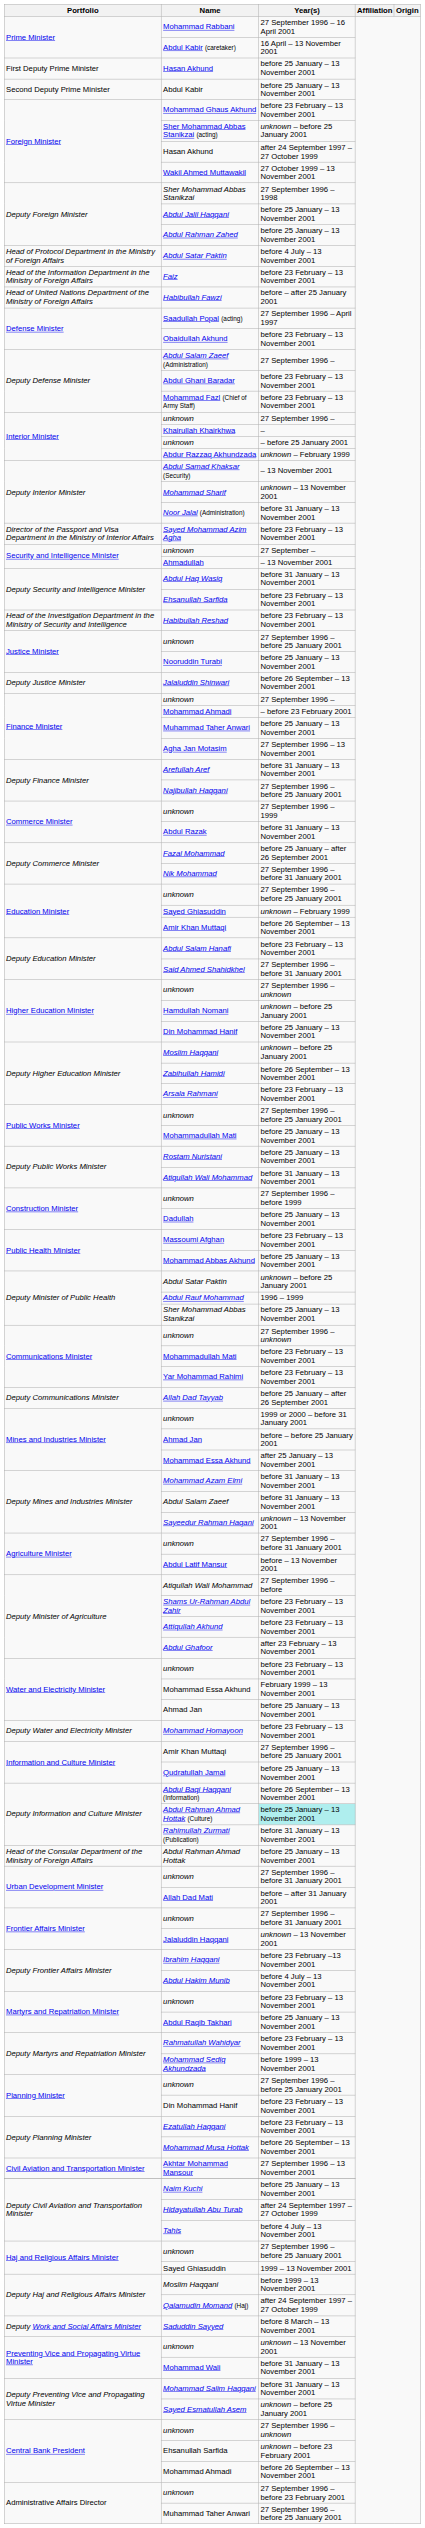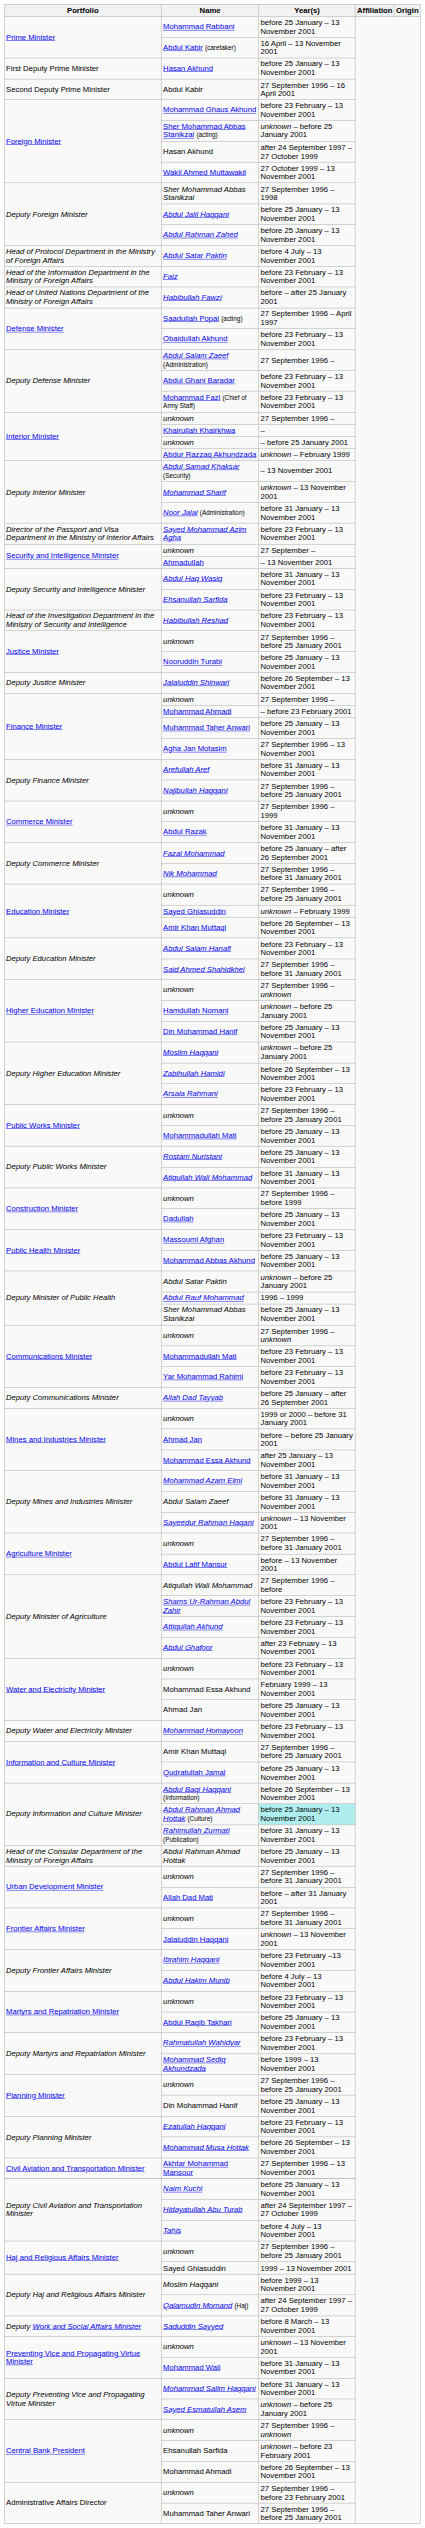 <table class="wikitable">
 <tr>
 <th>Portfolio</th>
 <th>Name</th>
 <th>Year(s)</th>
 <th>Affiliation</th>
 <th>Origin</th>
 </tr>
 <tr>
 <td rowspan="2"><a href='#'>Prime Minister</a></td>
 <td><a href='#'>Mohammad Rabbani</a></td>
-<td>27 September 1996 – 16 April 2001</td>
+<td>before 25 January – 13 November 2001</td>
 </tr>
 <tr>
 <td><a href='#'>Abdul Kabir</a> <small>(caretaker)</small></td>
 <td>16 April – 13 November 2001</td>
 </tr>
 <tr>
 <td>First Deputy Prime Minister</td>
 <td><a href='#'>Hasan Akhund</a></td>
 <td>before 25 January – 13 November 2001</td>
 </tr>
 <tr>
 <td>Second Deputy Prime Minister</td>
 <td>Abdul Kabir</td>
-<td>before 25 January – 13 November 2001</td>
+<td>27 September 1996 – 16 April 2001</td>
 </tr>
 <tr>
 <td rowspan="4"><a href='#'>Foreign Minister</a></td>
 <td><a href='#'>Mohammad Ghaus Akhund</a></td>
 <td>before 23 February – 13 November 2001</td>
 </tr>
 <tr>
 <td><a href='#'>Sher Mohammad Abbas Stanikzai</a> <small>(acting)</small></td>
 <td><em>unknown</em> – before 25 January 2001</td>
 </tr>
 <tr>
 <td>Hasan Akhund</td>
 <td>after 24 September 1997 – 27 October 1999</td>
 </tr>
 <tr>
 <td><a href='#'>Wakil Ahmed Muttawakil</a></td>
 <td>27 October 1999 – 13 November 2001</td>
 </tr>
 <tr>
 <td rowspan="3"><em>Deputy Foreign Minister</em></td>
 <td><em>Sher Mohammad Abbas Stanikzai</em></td>
 <td>27 September 1996 – 1998</td>
 </tr>
 <tr>
 <td><em><a href='#'>Abdul Jalil Haqqani</a></em></td>
 <td>before 25 January – 13 November 2001</td>
 </tr>
 <tr>
 <td><em><a href='#'>Abdul Rahman Zahed</a></em></td>
 <td>before 25 January – 13 November 2001</td>
 </tr>
 <tr>
 <td><em>Head of Protocol Department in the Ministry of Foreign Affairs</em></td>
 <td><em><a href='#'>Abdul Satar Paktin</a></em></td>
 <td>before 4 July – 13 November 2001</td>
 </tr>
 <tr>
 <td><em>Head of the Information Department in the Ministry of Foreign Affairs</em></td>
 <td><em><a href='#'>Faiz</a></em></td>
 <td>before 23 February – 13 November 2001</td>
 </tr>
 <tr>
 <td><em>Head of United Nations Department of the Ministry of Foreign Affairs</em></td>
 <td><em><a href='#'>Habibullah Fawzi</a></em></td>
 <td>before – after 25 January 2001</td>
 </tr>
 <tr>
 <td rowspan="2"><a href='#'>Defense Minister</a></td>
 <td><a href='#'>Saadullah Popal</a> <small>(acting)</small></td>
 <td>27 September 1996 – April 1997</td>
 </tr>
 <tr>
 <td><a href='#'>Obaidullah Akhund</a></td>
 <td>before 23 February – 13 November 2001</td>
 </tr>
 <tr>
 <td rowspan="3"><em>Deputy Defense Minister</em></td>
 <td><em><a href='#'>Abdul Salam Zaeef</a></em> <small>(Administration)</small></td>
 <td>27 September 1996 – </td>
 </tr>
 <tr>
 <td><a href='#'>Abdul Ghani Baradar</a></td>
 <td>before 23 February – 13 November 2001</td>
 </tr>
 <tr>
 <td><a href='#'>Mohammad Fazl</a> <small>(Chief of Army Staff)</small></td>
 <td>before 23 February – 13 November 2001</td>
 </tr>
 <tr>
 <td rowspan="4"><a href='#'>Interior Minister</a></td>
 <td><em>unknown</em></td>
 <td>27 September 1996 – </td>
 </tr>
 <tr>
 <td><a href='#'>Khairullah Khairkhwa</a></td>
 <td> – </td>
 </tr>
 <tr>
 <td><em>unknown</em></td>
 <td> – before 25 January 2001</td>
 </tr>
 <tr>
 <td><a href='#'>Abdur Razzaq Akhundzada</a></td>
 <td><em>unknown</em> – February 1999</td>
 </tr>
 <tr>
 <td rowspan="3"><em>Deputy Interior Minister</em></td>
 <td><em><a href='#'>Abdul Samad Khaksar</a></em> <small>(Security)</small></td>
 <td> – 13 November 2001</td>
 </tr>
 <tr>
 <td><em><a href='#'>Mohammad Sharif</a></em></td>
 <td><em>unknown</em> – 13 November 2001</td>
 </tr>
 <tr>
 <td><em><a href='#'>Noor Jalal</a></em> <small>(Administration)</small></td>
 <td>before 31 January – 13 November 2001</td>
 </tr>
 <tr>
 <td><em>Director of the Passport and Visa Department in the Ministry of Interior Affairs</em></td>
 <td><em><a href='#'>Sayed Mohammad Azim Agha</a></em></td>
 <td>before 23 February – 13 November 2001</td>
 </tr>
 <tr>
 <td rowspan="2"><a href='#'>Security and Intelligence Minister</a></td>
 <td><em>unknown</em></td>
 <td>27 September – </td>
 </tr>
 <tr>
 <td><a href='#'>Ahmadullah</a></td>
 <td> – 13 November 2001</td>
 </tr>
 <tr>
 <td rowspan="2"><em>Deputy Security and Intelligence Minister</em></td>
 <td><em><a href='#'>Abdul Haq Wasiq</a></em></td>
 <td>before 31 January – 13 November 2001</td>
 </tr>
 <tr>
 <td><em><a href='#'>Ehsanullah Sarfida</a></em></td>
 <td>before 23 February – 13 November 2001</td>
 </tr>
 <tr>
 <td><em>Head of the Investigation Department in the Ministry of Security and Intelligence</em></td>
 <td><em><a href='#'>Habibullah Reshad</a></em></td>
 <td>before 23 February – 13 November 2001</td>
 </tr>
 <tr>
 <td rowspan="2"><a href='#'>Justice Minister</a></td>
 <td><em>unknown</em></td>
 <td>27 September 1996 – before 25 January 2001</td>
 </tr>
 <tr>
 <td><a href='#'>Nooruddin Turabi</a></td>
 <td>before 25 January – 13 November 2001</td>
 </tr>
 <tr>
 <td><em>Deputy Justice Minister</em></td>
 <td><em><a href='#'>Jalaluddin Shinwari</a></em></td>
 <td>before 26 September – 13 November 2001</td>
 </tr>
 <tr>
 <td rowspan="4"><a href='#'>Finance Minister</a></td>
 <td><em>unknown</em></td>
 <td>27 September 1996 – </td>
 </tr>
 <tr>
 <td><a href='#'>Mohammad Ahmadi</a></td>
 <td> – before 23 February 2001</td>
 </tr>
 <tr>
 <td><a href='#'>Muhammad Taher Anwari</a></td>
 <td>before 25 January – 13 November 2001</td>
 </tr>
 <tr>
 <td><a href='#'>Agha Jan Motasim</a></td>
 <td>27 September 1996 – 13 November 2001</td>
 </tr>
 <tr>
 <td rowspan="2"><em>Deputy Finance Minister</em></td>
 <td><em><a href='#'>Arefullah Aref</a></em></td>
 <td>before 31 January – 13 November 2001</td>
 </tr>
 <tr>
 <td><em><a href='#'>Najibullah Haqqani</a></em></td>
 <td>27 September 1996 – before 25 January 2001</td>
 </tr>
 <tr>
 <td rowspan="2"><a href='#'>Commerce Minister</a></td>
 <td><em>unknown</em></td>
 <td>27 September 1996 – 1999</td>
 </tr>
 <tr>
 <td><a href='#'>Abdul Razak</a></td>
 <td>before 31 January – 13 November 2001</td>
 </tr>
 <tr>
 <td rowspan="2"><em>Deputy Commerce Minister</em></td>
 <td><em><a href='#'>Fazal Mohammad</a></em></td>
 <td>before 25 January – after 26 September 2001</td>
 </tr>
 <tr>
 <td><em><a href='#'>Nik Mohammad</a></em></td>
 <td>27 September 1996 – before 31 January 2001</td>
 </tr>
 <tr>
 <td rowspan="3"><a href='#'>Education Minister</a></td>
 <td><em>unknown</em></td>
 <td>27 September 1996 – before 25 January 2001</td>
 </tr>
 <tr>
 <td><a href='#'>Sayed Ghiasuddin</a></td>
 <td><em>unknown</em> – February 1999</td>
 </tr>
 <tr>
 <td><a href='#'>Amir Khan Muttaqi</a></td>
 <td>before 26 September – 13 November 2001</td>
 </tr>
 <tr>
 <td rowspan="2"><em>Deputy Education Minister</em></td>
 <td><em><a href='#'>Abdul Salam Hanafi</a></em></td>
 <td>before 23 February – 13 November 2001</td>
 </tr>
 <tr>
 <td><em><a href='#'>Said Ahmed Shahidkhel</a></em></td>
 <td>27 September 1996 – before 31 January 2001</td>
 </tr>
 <tr>
 <td rowspan="3"><a href='#'>Higher Education Minister</a></td>
 <td><em>unknown</em></td>
 <td>27 September 1996 – <em>unknown</em></td>
 </tr>
 <tr>
 <td><a href='#'>Hamdullah Nomani</a></td>
 <td><em>unknown</em> – before 25 January 2001</td>
 </tr>
 <tr>
 <td><a href='#'>Din Mohammad Hanif</a></td>
 <td>before 25 January – 13 November 2001</td>
 </tr>
 <tr>
 <td rowspan="3"><em>Deputy Higher Education Minister</em></td>
 <td><em><a href='#'>Moslim Haqqani</a></em></td>
 <td><em>unknown</em> – before 25 January 2001</td>
 </tr>
 <tr>
 <td><em><a href='#'>Zabihullah Hamidi</a></em></td>
 <td>before 26 September – 13 November 2001</td>
 </tr>
 <tr>
 <td><em><a href='#'>Arsala Rahmani</a></em></td>
 <td>before 23 February – 13 November 2001</td>
 </tr>
 <tr>
 <td rowspan="2"><a href='#'>Public Works Minister</a></td>
 <td><em>unknown</em></td>
 <td>27 September 1996 – before 25 January 2001</td>
 </tr>
 <tr>
 <td><a href='#'>Mohammadullah Mati</a></td>
 <td>before 25 January – 13 November 2001</td>
 </tr>
 <tr>
 <td rowspan="2"><em>Deputy Public Works Minister</em></td>
 <td><em><a href='#'>Rostam Nuristani</a></em></td>
 <td>before 25 January – 13 November 2001</td>
 </tr>
 <tr>
 <td><em><a href='#'>Atiqullah Wali Mohammad</a></em></td>
 <td>before 31 January – 13 November 2001</td>
 </tr>
 <tr>
 <td rowspan="2"><a href='#'>Construction Minister</a></td>
 <td><em>unknown</em></td>
 <td>27 September 1996 – before 1999</td>
 </tr>
 <tr>
 <td><a href='#'>Dadullah</a></td>
 <td>before 25 January – 13 November 2001</td>
 </tr>
 <tr>
 <td rowspan="2"><a href='#'>Public Health Minister</a></td>
 <td><a href='#'>Massoumi Afghan</a></td>
 <td>before 23 February – 13 November 2001</td>
 </tr>
 <tr>
 <td><a href='#'>Mohammad Abbas Akhund</a></td>
 <td>before 25 January – 13 November 2001</td>
 </tr>
 <tr>
 <td rowspan="3"><em>Deputy Minister of Public Health</em></td>
 <td><em>Abdul Satar Paktin</em></td>
 <td><em>unknown</em> – before 25 January 2001</td>
 </tr>
 <tr>
 <td><em><a href='#'>Abdul Rauf Mohammad</a></em></td>
 <td>1996 – 1999</td>
 </tr>
 <tr>
 <td><em>Sher Mohammad Abbas Stanikzai</em></td>
 <td>before 25 January – 13 November 2001</td>
 </tr>
 <tr>
 <td rowspan="3"><a href='#'>Communications Minister</a></td>
 <td><em>unknown</em></td>
 <td>27 September 1996 – <em>unknown</em></td>
 </tr>
 <tr>
 <td><a href='#'>Mohammadullah Mati</a></td>
 <td>before 23 February – 13 November 2001</td>
 </tr>
 <tr>
 <td><a href='#'>Yar Mohammad Rahimi</a></td>
 <td>before 23 February – 13 November 2001</td>
 </tr>
 <tr>
 <td><em>Deputy Communications Minister</em></td>
 <td><em><a href='#'>Allah Dad Tayyab</a></em></td>
 <td>before 25 January – after 26 September 2001</td>
 </tr>
 <tr>
 <td rowspan="3"><a href='#'>Mines and Industries Minister</a></td>
 <td><em>unknown</em></td>
 <td>1999 or 2000 – before 31 January 2001</td>
 </tr>
 <tr>
 <td><a href='#'>Ahmad Jan</a></td>
 <td>before  – before 25 January 2001</td>
 </tr>
 <tr>
 <td><a href='#'>Mohammad Essa Akhund</a></td>
 <td>after 25 January – 13 November 2001</td>
 </tr>
 <tr>
 <td rowspan="3"><em>Deputy Mines and Industries Minister</em></td>
 <td><em><a href='#'>Mohammad Azam Elmi</a></em></td>
 <td>before 31 January – 13 November 2001</td>
 </tr>
 <tr>
 <td><em>Abdul Salam Zaeef</em></td>
 <td>before 31 January – 13 November 2001</td>
 </tr>
 <tr>
 <td><em><a href='#'>Sayeedur Rahman Haqani</a></em></td>
 <td><em>unknown</em> – 13 November 2001</td>
 </tr>
 <tr>
 <td rowspan="2"><a href='#'>Agriculture Minister</a></td>
 <td><em>unknown</em></td>
 <td>27 September 1996 – before 31 January 2001</td>
 </tr>
 <tr>
 <td><a href='#'>Abdul Latif Mansur</a></td>
 <td>before  – 13 November 2001</td>
 </tr>
 <tr>
 <td rowspan="4"><em>Deputy Minister of Agriculture</em></td>
 <td><em>Atiqullah Wali Mohammad</em></td>
 <td>27 September 1996 – before </td>
 </tr>
 <tr>
 <td><em><a href='#'>Shams Ur-Rahman Abdul Zahir</a></em></td>
 <td>before 23 February – 13 November 2001</td>
 </tr>
 <tr>
 <td><em><a href='#'>Attiqullah Akhund</a></em></td>
 <td>before 23 February – 13 November 2001</td>
 </tr>
 <tr>
 <td><em><a href='#'>Abdul Ghafoor</a></em></td>
 <td>after 23 February – 13 November 2001</td>
 </tr>
 <tr>
 <td rowspan="3"><a href='#'>Water and Electricity Minister</a></td>
 <td><em>unknown</em></td>
 <td>before 23 February – 13 November 2001</td>
 </tr>
 <tr>
 <td>Mohammad Essa Akhund</td>
 <td>February 1999 – 13 November 2001</td>
 </tr>
 <tr>
 <td>Ahmad Jan</td>
 <td>before 25 January – 13 November 2001</td>
 </tr>
 <tr>
 <td><em>Deputy Water and Electricity Minister</em></td>
 <td><em><a href='#'>Mohammad Homayoon</a></em></td>
 <td>before 23 February – 13 November 2001</td>
 </tr>
 <tr>
 <td rowspan="2"><a href='#'>Information and Culture Minister</a></td>
 <td>Amir Khan Muttaqi</td>
 <td>27 September 1996 – before 25 January 2001</td>
 </tr>
 <tr>
 <td><a href='#'>Qudratullah Jamal</a></td>
 <td>before 25 January – 13 November 2001</td>
 </tr>
 <tr>
 <td rowspan="3"><em>Deputy Information and Culture Minister</em></td>
 <td><em><a href='#'>Abdul Baqi Haqqani</a></em> <small>(Information)</small></td>
 <td>before 26 September – 13 November 2001</td>
 </tr>
 <tr>
 <td><em><a href='#'>Abdul Rahman Ahmad Hottak</a></em> <small>(Culture)</small></td>
 <td style="background: paleturquoise;">before 25 January – 13 November 2001</td>
 </tr>
 <tr>
 <td><em><a href='#'>Rahimullah Zurmati</a></em> <small>(Publication)</small></td>
 <td>before 31 January – 13 November 2001</td>
 </tr>
 <tr>
 <td><em>Head of the Consular Department of the Ministry of Foreign Affairs</em></td>
 <td><em>Abdul Rahman Ahmad Hottak</em></td>
 <td>before 25 January – 13 November 2001</td>
 </tr>
 <tr>
 <td rowspan="2"><a href='#'>Urban Development Minister</a></td>
 <td><em>unknown</em></td>
 <td>27 September 1996 – before 31 January 2001</td>
 </tr>
 <tr>
 <td><a href='#'>Allah Dad Mati</a></td>
 <td>before – after 31 January 2001</td>
 </tr>
 <tr>
 <td rowspan="2"><a href='#'>Frontier Affairs Minister</a></td>
 <td><em>unknown</em></td>
 <td>27 September 1996 – before 31 January 2001</td>
 </tr>
 <tr>
 <td><a href='#'>Jalaluddin Haqqani</a></td>
 <td><em>unknown</em> – 13 November 2001</td>
 </tr>
 <tr>
 <td rowspan="2"><em>Deputy Frontier Affairs Minister</em></td>
 <td><em><a href='#'>Ibrahim Haqqani</a></em></td>
 <td>before 23 February –13 November 2001</td>
 </tr>
 <tr>
 <td><em><a href='#'>Abdul Hakim Munib</a></em></td>
 <td>before 4 July – 13 November 2001</td>
 </tr>
 <tr>
 <td rowspan="2"><a href='#'>Martyrs and Repatriation Minister</a></td>
 <td><em>unknown</em></td>
 <td>before 23 February – 13 November 2001</td>
 </tr>
 <tr>
 <td><a href='#'>Abdul Raqib Takhari</a></td>
 <td>before 25 January – 13 November 2001</td>
 </tr>
 <tr>
 <td rowspan="2"><em>Deputy Martyrs and Repatriation Minister</em></td>
 <td><em><a href='#'>Rahmatullah Wahidyar</a></em></td>
 <td>before 23 February – 13 November 2001</td>
 </tr>
 <tr>
 <td><em><a href='#'>Mohammad Sediq Akhundzada</a></em></td>
 <td>before 1999 – 13 November 2001</td>
 </tr>
 <tr>
 <td rowspan="2"><a href='#'>Planning Minister</a></td>
 <td><em>unknown</em></td>
 <td>27 September 1996 – before 25 January 2001</td>
 </tr>
 <tr>
 <td>Din Mohammad Hanif</td>
-<td>before 23 February – 13 November 2001</td>
+<td>before 25 January – 13 November 2001</td>
 </tr>
 <tr>
 <td rowspan="2"><em>Deputy Planning Minister</em></td>
 <td><em><a href='#'>Ezatullah Haqqani</a></em></td>
 <td>before 23 February – 13 November 2001</td>
 </tr>
 <tr>
 <td><em><a href='#'>Mohammad Musa Hottak</a></em></td>
 <td>before 26 September – 13 November 2001</td>
 </tr>
 <tr>
 <td><a href='#'>Civil Aviation and Transportation Minister</a></td>
 <td><a href='#'>Akhtar Mohammad Mansour</a></td>
 <td>27 September 1996 – 13 November 2001</td>
 </tr>
 <tr>
 </tr>
 <tr>
 <td rowspan="3"><em>Deputy Civil Aviation and Transportation Minister</em></td>
 <td><em><a href='#'>Naim Kuchi</a></em></td>
 <td>before 25 January – 13 November 2001</td>
 </tr>
 <tr>
 <td><em><a href='#'>Hidayatullah Abu Turab</a></em></td>
 <td>after 24 September 1997 – 27 October 1999</td>
 </tr>
 <tr>
 <td><em><a href='#'>Tahis</a></em></td>
 <td>before 4 July – 13 November 2001</td>
 </tr>
 <tr>
 <td rowspan="2"><a href='#'>Haj and Religious Affairs Minister</a></td>
 <td><em>unknown</em></td>
 <td>27 September 1996 – before 25 January 2001</td>
 </tr>
 <tr>
 <td>Sayed Ghiasuddin</td>
 <td>1999 – 13 November 2001</td>
 </tr>
 <tr>
 <td rowspan="2"><em>Deputy Haj and Religious Affairs Minister</em></td>
 <td><em>Moslim Haqqani</em></td>
 <td>before 1999 – 13 November 2001</td>
 </tr>
 <tr>
 <td><em><a href='#'>Qalamudin Momand</a></em> <small>(Haj)</small></td>
 <td>after 24 September 1997 – 27 October 1999</td>
 </tr>
 <tr>
 <td><em>Deputy <a href='#'>Work and Social Affairs Minister</a></em></td>
 <td><em><a href='#'>Saduddin Sayyed</a></em></td>
 <td>before 8 March – 13 November 2001</td>
 </tr>
 <tr>
 <td rowspan="2"><a href='#'>Preventing Vice and Propagating Virtue Minister</a></td>
 <td><em>unknown</em></td>
 <td><em>unknown</em> – 13 November 2001</td>
 </tr>
 <tr>
 <td><a href='#'>Mohammad Wali</a></td>
 <td>before 31 January – 13 November 2001</td>
 </tr>
 <tr>
 <td rowspan="2"><em>Deputy Preventing Vice and Propagating Virtue Minister</em></td>
 <td><em><a href='#'>Mohammad Salim Haqqani</a></em></td>
 <td>before 31 January – 13 November 2001</td>
 </tr>
 <tr>
 <td><em><a href='#'>Sayed Esmatullah Asem</a></em></td>
 <td><em>unknown</em> – before 25 January 2001</td>
 </tr>
 <tr>
 <td rowspan="3"><a href='#'>Central Bank President</a></td>
 <td><em>unknown</em></td>
 <td>27 September 1996 – <em>unknown</em></td>
 </tr>
 <tr>
 <td>Ehsanullah Sarfida</td>
 <td><em>unknown</em> – before 23 February 2001</td>
 </tr>
 <tr>
 <td>Mohammad Ahmadi</td>
 <td>before 26 September – 13 November 2001</td>
 </tr>
 <tr>
 <td rowspan="2">Administrative Affairs Director</td>
 <td><em>unknown</em></td>
 <td>27 September 1996 – before 23 February 2001</td>
 </tr>
 <tr>
 <td>Muhammad Taher Anwari</td>
 <td>27 September 1996 – before 25 January 2001</td>
 </tr>
 </table>
